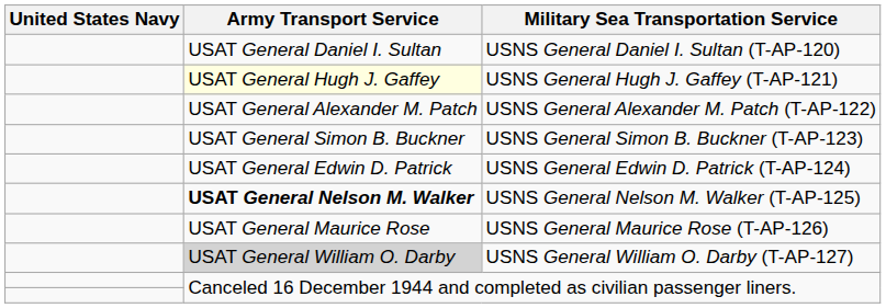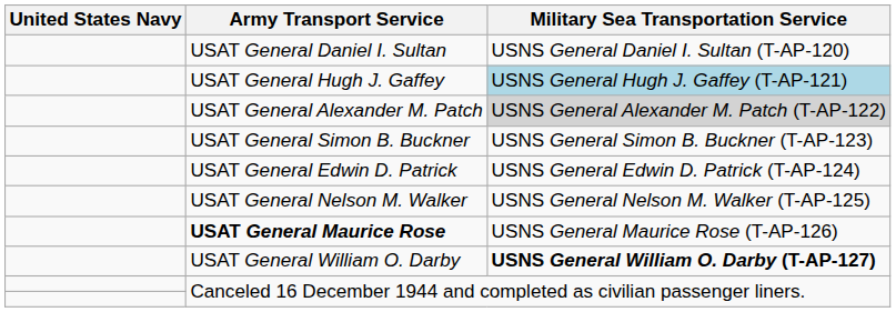 <table class=wikitable>
 <tr>
 <th>United States Navy</th>
 <th>Army Transport Service</th>
 <th>Military Sea Transportation Service</th>
 </tr>
 <tr>
 <td></td>
 <td>USAT <em>General Daniel I. Sultan</em></td>
 <td>USNS <em>General Daniel I. Sultan</em> (T-AP-120)</td>
 </tr>
 <tr>
 <td></td>
-<td style="background: lightyellow;">USAT <em>General Hugh J. Gaffey</em></td>
-<td>USNS <em>General Hugh J. Gaffey</em> (T-AP-121)</td>
+<td>USAT <em>General Hugh J. Gaffey</em></td>
+<td style="background: lightblue;">USNS <em>General Hugh J. Gaffey</em> (T-AP-121)</td>
 </tr>
 <tr>
 <td></td>
 <td>USAT <em>General Alexander M. Patch</em></td>
-<td>USNS <em>General Alexander M. Patch</em> (T-AP-122)</td>
+<td style="background: lightgrey;">USNS <em>General Alexander M. Patch</em> (T-AP-122)</td>
 </tr>
 <tr>
 <td></td>
 <td>USAT <em>General Simon B. Buckner</em></td>
 <td>USNS <em>General Simon B. Buckner</em> (T-AP-123)</td>
 </tr>
 <tr>
 <td></td>
 <td>USAT <em>General Edwin D. Patrick</em></td>
 <td>USNS <em>General Edwin D. Patrick</em> (T-AP-124)</td>
 </tr>
 <tr>
 <td></td>
-<td><strong>USAT <em>General Nelson M. Walker</em></strong></td>
+<td>USAT <em>General Nelson M. Walker</em></td>
 <td>USNS <em>General Nelson M. Walker</em> (T-AP-125)</td>
 </tr>
 <tr>
 <td></td>
-<td>USAT <em>General Maurice Rose</em></td>
+<td><strong>USAT <em>General Maurice Rose</em></strong></td>
 <td>USNS <em>General Maurice Rose</em> (T-AP-126)</td>
 </tr>
 <tr>
 <td></td>
-<td style="background: lightgrey;">USAT <em>General William O. Darby</em></td>
-<td>USNS <em>General William O. Darby</em> (T-AP-127)</td>
+<td>USAT <em>General William O. Darby</em></td>
+<td><strong>USNS <em>General William O. Darby</em> (T-AP-127)</strong></td>
 </tr>
 <tr>
 <td></td>
 <td rowspan=2 colspan=2>Canceled 16 December 1944 and completed as civilian passenger liners.</td>
 </tr>
 <tr>
 <td></td>
 </tr>
 </table>
